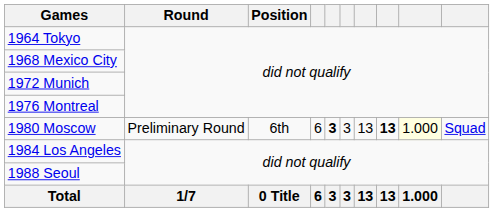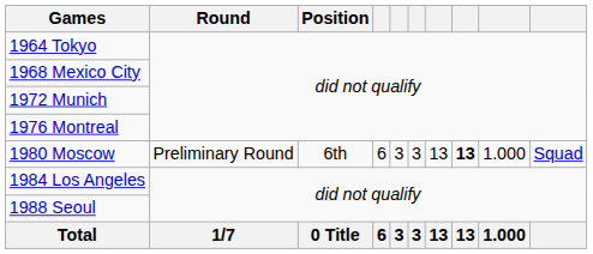 <table class="wikitable" style="text-align:center;">
 <tr>
 <th>Games</th>
 <th>Round</th>
 <th>Position</th>
 <th></th>
 <th></th>
 <th></th>
 <th></th>
 <th></th>
 <th></th>
 <th></th>
 </tr>
 <tr>
 <td style="text-align: left;"> <a href='#'>1964 Tokyo</a></td>
 <td colspan=9 rowspan=4><em>did not qualify</em></td>
 </tr>
 <tr>
 <td style="text-align: left;"> <a href='#'>1968 Mexico City</a></td>
 </tr>
 <tr>
 <td style="text-align: left;"> <a href='#'>1972 Munich</a></td>
 </tr>
 <tr>
 <td style="text-align: left;"> <a href='#'>1976 Montreal</a></td>
 </tr>
 <tr>
 <td align=left> <a href='#'>1980 Moscow</a></td>
 <td>Preliminary Round</td>
 <td>6th</td>
 <td>6</td>
-<td><strong>3</strong></td>
+<td>3</td>
 <td>3</td>
 <td>13</td>
 <td><strong>13</strong></td>
-<td style="background: lightyellow;">1.000</td>
+<td>1.000</td>
 <td><a href='#'>Squad</a></td>
 </tr>
 <tr>
 <td style="text-align: left;"> <a href='#'>1984 Los Angeles</a></td>
 <td colspan=9 rowspan=2><em>did not qualify</em></td>
 </tr>
 <tr>
 <td style="text-align: left;"> <a href='#'>1988 Seoul</a></td>
 </tr>
 <tr>
 <th>Total</th>
 <th>1/7</th>
 <th>0 Title</th>
 <th>6</th>
 <th>3</th>
 <th>3</th>
 <th>13</th>
 <th>13</th>
 <th>1.000</th>
 <th></th>
 </tr>
 </table>
